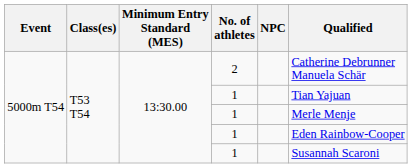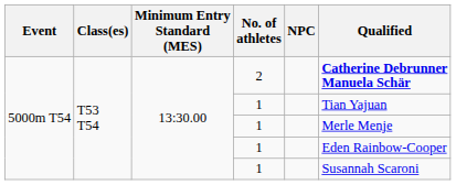 <table class="wikitable">
 <tr>
 <th>Event</th>
 <th>Class(es)</th>
 <th>Minimum Entry<br>Standard<br>(MES)</th>
 <th>No. of<br>athletes</th>
 <th>NPC</th>
 <th>Qualified</th>
 </tr>
 <tr>
 <td rowspan=5>5000m T54</td>
 <td rowspan=5>T53<br>T54</td>
 <td rowspan=5 align=center>13:30.00</td>
 <td align=center>2</td>
 <td></td>
-<td><a href='#'>Catherine Debrunner</a><br><a href='#'>Manuela Schär</a></td>
+<td><strong><a href='#'>Catherine Debrunner</a><br><a href='#'>Manuela Schär</a></strong></td>
 </tr>
 <tr>
 <td align=center>1</td>
 <td></td>
 <td><a href='#'>Tian Yajuan</a></td>
 </tr>
 <tr>
 <td align=center>1</td>
 <td></td>
 <td><a href='#'>Merle Menje</a></td>
 </tr>
 <tr>
 <td align=center>1</td>
 <td></td>
 <td><a href='#'>Eden Rainbow-Cooper</a></td>
 </tr>
 <tr>
 <td align=center>1</td>
 <td></td>
 <td><a href='#'>Susannah Scaroni</a></td>
 </tr>
 </table>
